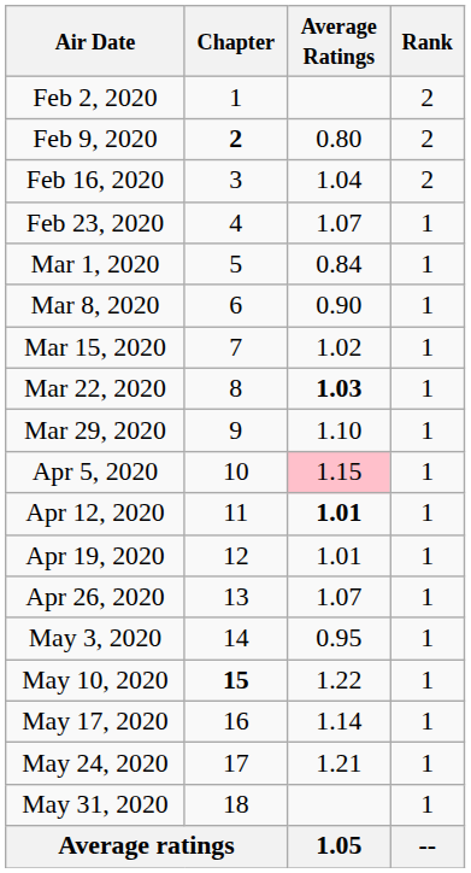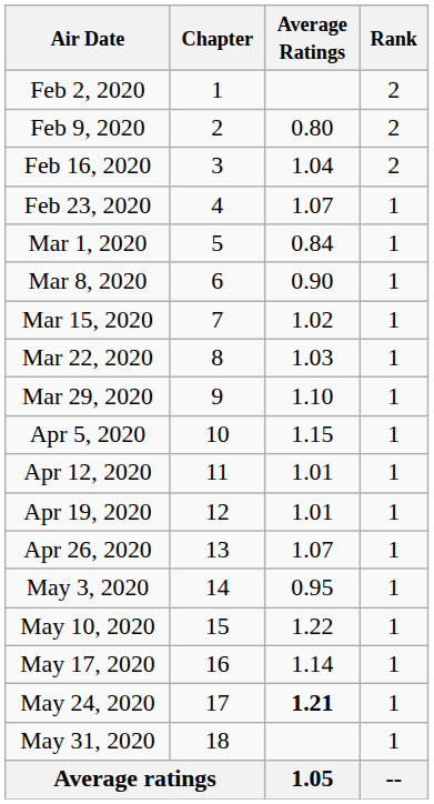 <table class="wikitable" style="text-align:center;width:45%;">
 <tr>
 <th width="25%"><small>Air Date</small></th>
 <th width="5%"><small>Chapter</small></th>
 <th width="6%"><small>Average Ratings</small></th>
 <th width="4%"><small>Rank</small></th>
 </tr>
 <tr>
 <td>Feb 2, 2020</td>
 <td>1</td>
 <td><strong></strong></td>
 <td>2</td>
 </tr>
 <tr>
 <td>Feb 9, 2020</td>
-<td><strong>2</strong></td>
+<td>2</td>
 <td>0.80</td>
 <td>2</td>
 </tr>
 <tr>
 <td>Feb 16, 2020</td>
 <td>3</td>
 <td>1.04</td>
 <td>2</td>
 </tr>
 <tr>
 <td>Feb 23, 2020</td>
 <td>4</td>
 <td>1.07</td>
 <td>1</td>
 </tr>
 <tr>
 <td>Mar 1, 2020</td>
 <td>5</td>
 <td>0.84</td>
 <td>1</td>
 </tr>
 <tr>
 <td>Mar 8, 2020</td>
 <td>6</td>
 <td>0.90</td>
 <td>1</td>
 </tr>
 <tr>
 <td>Mar 15, 2020</td>
 <td>7</td>
 <td>1.02</td>
 <td>1</td>
 </tr>
 <tr>
 <td>Mar 22, 2020</td>
 <td>8</td>
-<td><strong>1.03</strong></td>
+<td>1.03</td>
 <td>1</td>
 </tr>
 <tr>
 <td>Mar 29, 2020</td>
 <td>9</td>
 <td>1.10</td>
 <td>1</td>
 </tr>
 <tr>
 <td>Apr 5, 2020</td>
 <td>10</td>
-<td style="background: pink;">1.15</td>
+<td>1.15</td>
 <td>1</td>
 </tr>
 <tr>
 <td>Apr 12, 2020</td>
 <td>11</td>
-<td><strong>1.01</strong></td>
+<td>1.01</td>
 <td>1</td>
 </tr>
 <tr>
 <td>Apr 19, 2020</td>
 <td>12</td>
 <td>1.01</td>
 <td>1</td>
 </tr>
 <tr>
 <td>Apr 26, 2020</td>
 <td>13</td>
 <td>1.07</td>
 <td>1</td>
 </tr>
 <tr>
 <td>May 3, 2020</td>
 <td>14</td>
 <td>0.95</td>
 <td>1</td>
 </tr>
 <tr>
 <td>May 10, 2020</td>
-<td><strong>15</strong></td>
+<td>15</td>
 <td>1.22</td>
 <td>1</td>
 </tr>
 <tr>
 <td>May 17, 2020</td>
 <td>16</td>
 <td>1.14</td>
 <td>1</td>
 </tr>
 <tr>
 <td>May 24, 2020</td>
 <td>17</td>
-<td>1.21</td>
+<td><strong>1.21</strong></td>
 <td>1</td>
 </tr>
 <tr>
 <td>May 31, 2020</td>
 <td>18</td>
 <td><strong></strong></td>
 <td>1</td>
 </tr>
 <tr>
 <th colspan="2"><strong>Average ratings</strong></th>
 <th>1.05</th>
 <th>--</th>
 </tr>
 </table>
